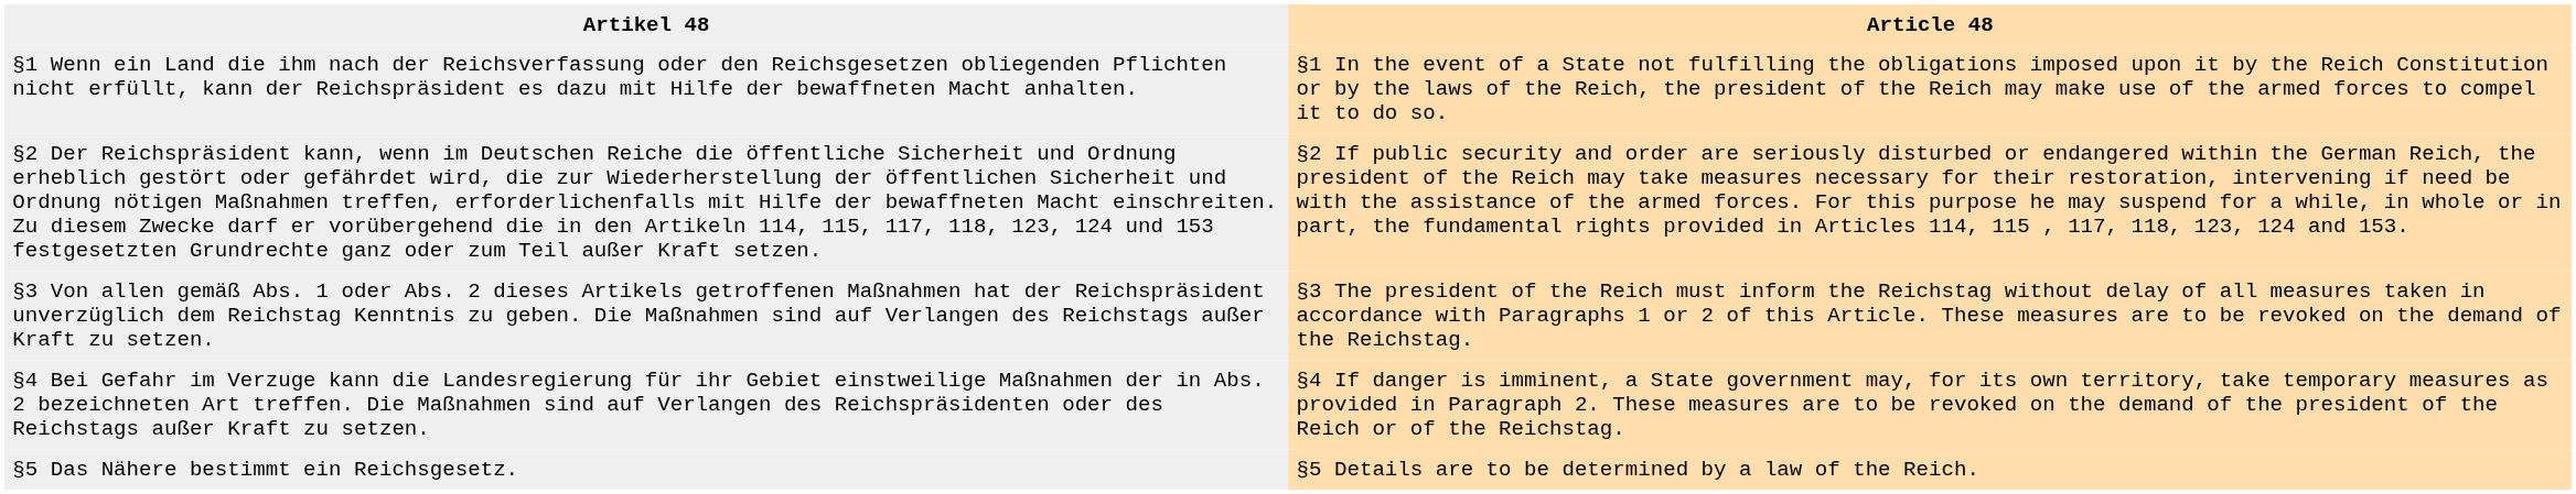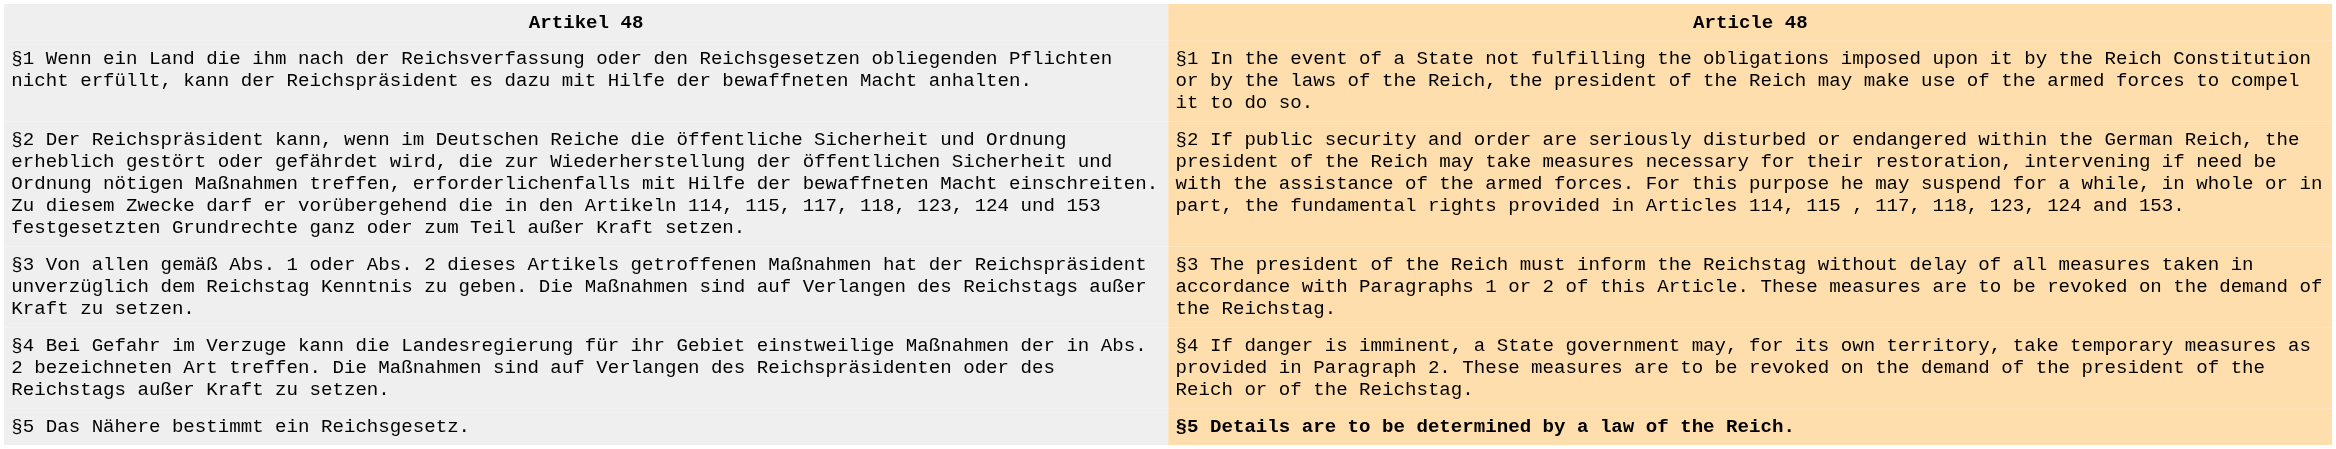 <table border="0" cellpadding="5" cellspacing="0">
 <tr>
 <td width="50%" style="background:#efefef;" valign="top" align="center"><strong>Artikel 48</strong></td>
 <td width="50%" style="background:#ffdead;" valign="top" align="center"><strong>Article 48</strong></td>
 </tr>
 <tr>
 <td width="50%" style="background:#efefef;" valign="top">§1 Wenn ein Land die ihm nach der Reichsverfassung oder den Reichsgesetzen obliegenden Pflichten nicht erfüllt, kann der Reichspräsident es dazu mit Hilfe der bewaffneten Macht anhalten.</td>
 <td width="50%" style="background:#ffdead;" valign="top">§1 In the event of a State not fulfilling the obligations imposed upon it by the Reich Constitution or by the laws of the Reich, the president of the Reich may make use of the armed forces to compel it to do so.</td>
 </tr>
 <tr>
 <td width="50%" style="background:#efefef;" valign="top">§2 Der Reichspräsident kann, wenn im Deutschen Reiche die öffentliche Sicherheit und Ordnung erheblich gestört oder gefährdet wird, die zur Wiederherstellung der öffentlichen Sicherheit und Ordnung nötigen Maßnahmen treffen, erforderlichenfalls mit Hilfe der bewaffneten Macht einschreiten. Zu diesem Zwecke darf er vorübergehend die in den Artikeln 114, 115, 117, 118, 123, 124 und 153 festgesetzten Grundrechte ganz oder zum Teil außer Kraft setzen.</td>
 <td width="50%" style="background:#ffdead;" valign="top">§2 If public security and order are seriously disturbed or endangered within the German Reich, the president of the Reich may take measures necessary for their restoration, intervening if need be with the assistance of the armed forces. For this purpose he may suspend for a while, in whole or in part, the fundamental rights provided in Articles 114, 115 , 117, 118, 123, 124 and 153.</td>
 </tr>
 <tr>
 <td width="50%" style="background:#efefef;" valign="top">§3 Von allen gemäß Abs. 1 oder Abs. 2 dieses Artikels getroffenen Maßnahmen hat der Reichspräsident unverzüglich dem Reichstag Kenntnis zu geben. Die Maßnahmen sind auf Verlangen des Reichstags außer Kraft zu setzen.</td>
 <td width="50%" style="background:#ffdead;" valign="top">§3 The president of the Reich must inform the Reichstag without delay of all measures taken in accordance with Paragraphs 1 or 2 of this Article. These measures are to be revoked on the demand of the Reichstag.</td>
 </tr>
 <tr>
 <td width="50%" style="background:#efefef;" valign="top">§4 Bei Gefahr im Verzuge kann die Landesregierung für ihr Gebiet einstweilige Maßnahmen der in Abs. 2 bezeichneten Art treffen. Die Maßnahmen sind auf Verlangen des Reichspräsidenten oder des Reichstags außer Kraft zu setzen.</td>
 <td width="50%" style="background:#ffdead;" valign="top">§4 If danger is imminent, a State government may, for its own territory, take temporary measures as provided in Paragraph 2. These measures are to be revoked on the demand of the president of the Reich or of the Reichstag.</td>
 </tr>
 <tr>
 <td width="50%" style="background:#efefef;" valign="top">§5 Das Nähere bestimmt ein Reichsgesetz.</td>
-<td width="50%" style="background:#ffdead;" valign="top">§5 Details are to be determined by a law of the Reich.</td>
+<td width="50%" style="background:#ffdead;" valign="top"><strong>§5 Details are to be determined by a law of the Reich.</strong></td>
 </tr>
 </table>
